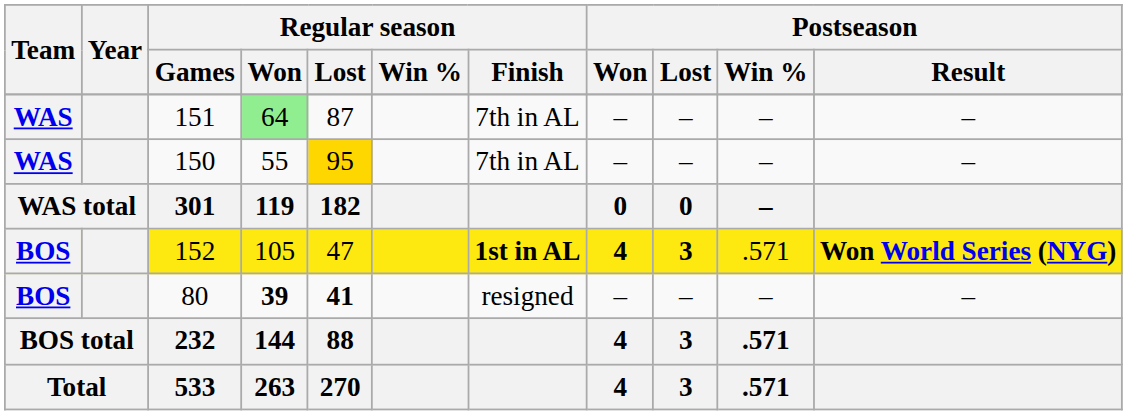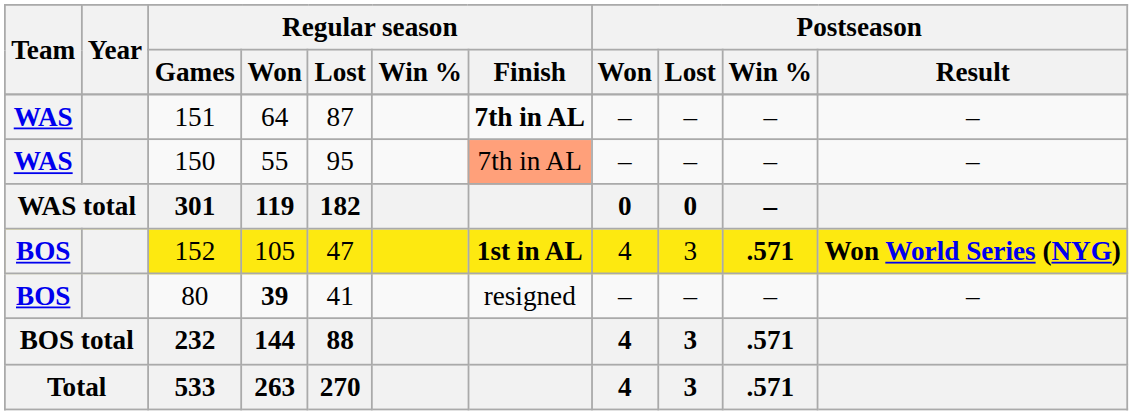 <table class="wikitable" style="font-size: 95%; text-align:center;">
 <tr>
 <th rowspan="2">Team</th>
 <th rowspan="2">Year</th>
 <th colspan="5">Regular season</th>
 <th colspan="4">Postseason</th>
 </tr>
 <tr>
 <th>Games</th>
 <th>Won</th>
 <th>Lost</th>
 <th>Win %</th>
 <th>Finish</th>
 <th>Won</th>
 <th>Lost</th>
 <th>Win %</th>
 <th>Result</th>
 </tr>
 <tr>
 </tr>
 <tr>
 <th><a href='#'>WAS</a></th>
 <th></th>
 <td>151</td>
-<td style="background: lightgreen;">64</td>
+<td>64</td>
 <td>87</td>
 <td></td>
-<td>7th in AL</td>
+<td><strong>7th in AL</strong></td>
 <td>–</td>
 <td>–</td>
 <td>–</td>
 <td>–</td>
 </tr>
 <tr>
 <th><a href='#'>WAS</a></th>
 <th></th>
 <td>150</td>
 <td>55</td>
-<td style="background: gold;">95</td>
+<td>95</td>
 <td></td>
-<td>7th in AL</td>
+<td style="background: lightsalmon;">7th in AL</td>
 <td>–</td>
 <td>–</td>
 <td>–</td>
 <td>–</td>
 </tr>
 <tr>
 <th colspan="2">WAS total</th>
 <th>301</th>
 <th>119</th>
 <th>182</th>
 <th></th>
 <th></th>
 <th>0</th>
 <th>0</th>
 <th>–</th>
 <th></th>
 </tr>
 <tr style="background:#fde910">
 <th><a href='#'>BOS</a></th>
 <th></th>
 <td>152</td>
 <td>105</td>
 <td>47</td>
 <td></td>
 <td><strong>1st in AL</strong></td>
-<td><strong>4</strong></td>
-<td><strong>3</strong></td>
-<td>.571</td>
+<td>4</td>
+<td>3</td>
+<td><strong>.571</strong></td>
 <td><strong>Won <a href='#'>World Series</a> (<a href='#'>NYG</a>)</strong></td>
 </tr>
 <tr>
 <th><a href='#'>BOS</a></th>
 <th></th>
 <td>80</td>
 <td><strong>39</strong></td>
-<td><strong>41</strong></td>
+<td>41</td>
 <td></td>
 <td>resigned</td>
 <td>–</td>
 <td>–</td>
 <td>–</td>
 <td>–</td>
 </tr>
 <tr>
 <th colspan="2">BOS total</th>
 <th>232</th>
 <th>144</th>
 <th>88</th>
 <th></th>
 <th></th>
 <th>4</th>
 <th>3</th>
 <th>.571</th>
 <th></th>
 </tr>
 <tr>
 <th colspan="2">Total</th>
 <th>533</th>
 <th>263</th>
 <th>270</th>
 <th></th>
 <th></th>
 <th>4</th>
 <th>3</th>
 <th>.571</th>
 <th></th>
 </tr>
 </table>
